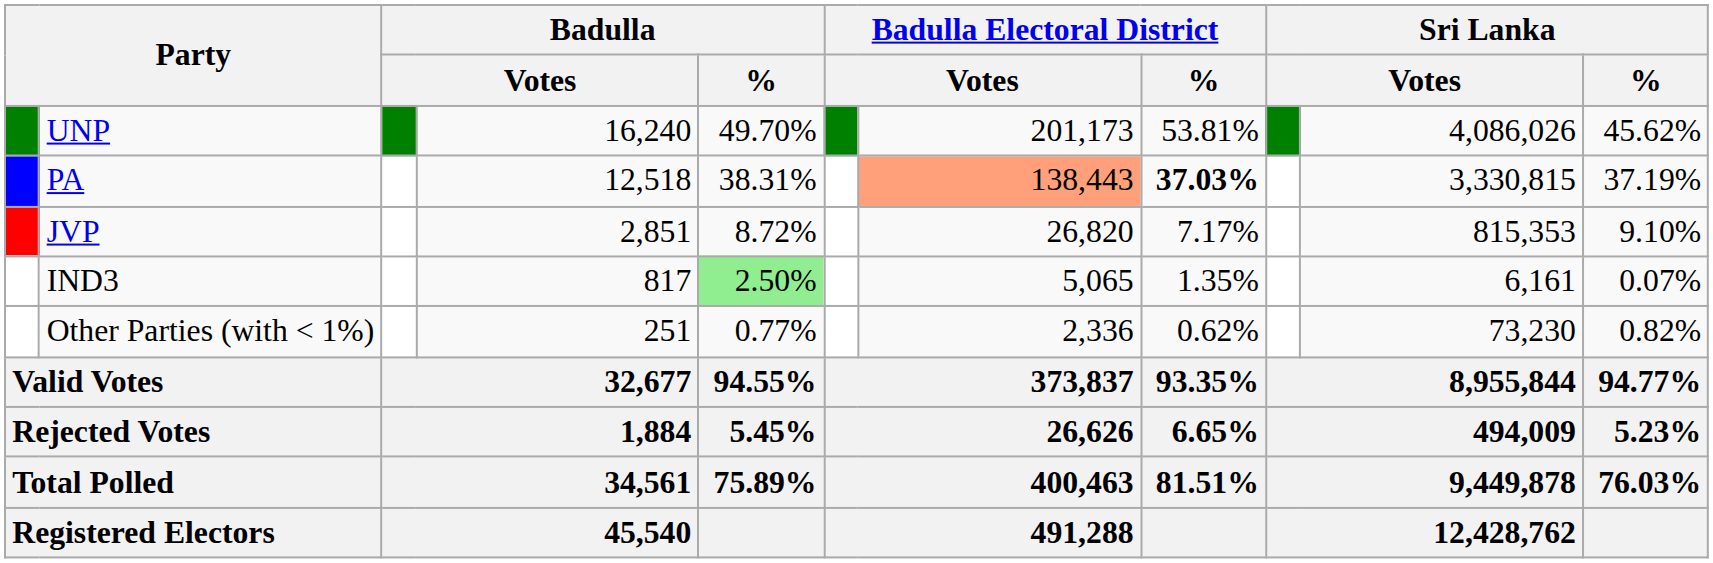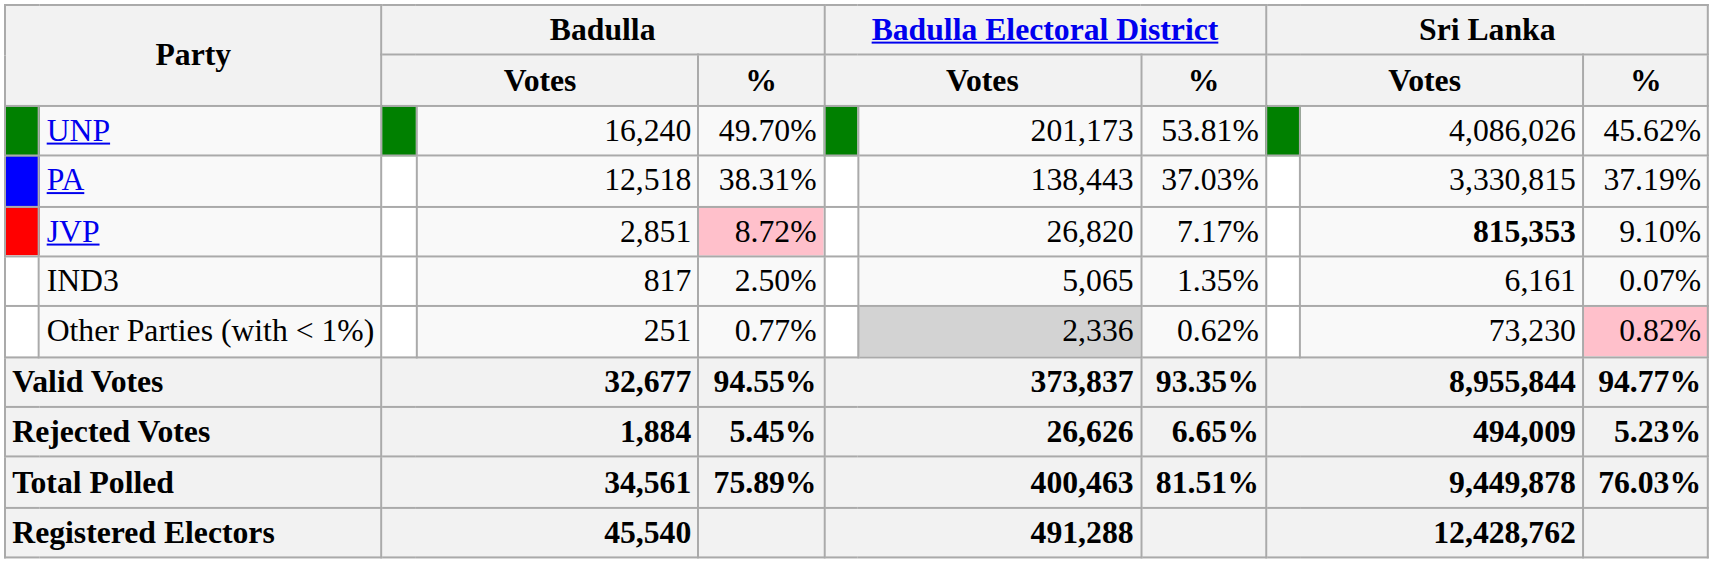 <table class="wikitable">
 <tr>
 <th colspan="2" width="144px"rowspan="2">Party</th>
 <th colspan="3" width="216px">Badulla</th>
 <th colspan="3" width="216px"><a href='#'>Badulla Electoral District</a></th>
 <th colspan="3" width="216px">Sri Lanka</th>
 </tr>
 <tr>
 <th colspan="2" width="144px">Votes</th>
 <th>%</th>
 <th colspan="2" width="144px">Votes</th>
 <th>%</th>
 <th colspan="2" width="144px">Votes</th>
 <th>%</th>
 </tr>
 <tr>
 <td style="background-color:green;" width="10px"></td>
 <td style="text-align:left;"><a href='#'>UNP</a></td>
 <td style="background-color:green;" width="10px"></td>
 <td style="text-align:right;">16,240</td>
 <td style="text-align:right;">49.70%</td>
 <td style="background-color:green;" width="10px"></td>
 <td style="text-align:right;">201,173</td>
 <td style="text-align:right;">53.81%</td>
 <td style="background-color:green;" width="10px"></td>
 <td style="text-align:right;">4,086,026</td>
 <td style="text-align:right;">45.62%</td>
 </tr>
 <tr>
 <td style="background-color:blue;" width="10px"></td>
 <td style="text-align:left;"><a href='#'>PA</a></td>
 <td style="background-color:white;" width="10px"></td>
 <td style="text-align:right;">12,518</td>
 <td style="text-align:right;">38.31%</td>
 <td style="background-color:white;" width="10px"></td>
-<td style="background: lightsalmon; text-align:right;">138,443</td>
-<td style="text-align:right;"><strong>37.03%</strong></td>
+<td style="text-align:right;">138,443</td>
+<td style="text-align:right;">37.03%</td>
 <td style="background-color:white;" width="10px"></td>
 <td style="text-align:right;">3,330,815</td>
 <td style="text-align:right;">37.19%</td>
 </tr>
 <tr>
 <td style="background-color:red;" width="10px"></td>
 <td style="text-align:left;"><a href='#'>JVP</a></td>
 <td style="background-color:white;" width="10px"></td>
 <td style="text-align:right;">2,851</td>
-<td style="text-align:right;">8.72%</td>
+<td style="background: pink; text-align:right;">8.72%</td>
 <td style="background-color:white;" width="10px"></td>
 <td style="text-align:right;">26,820</td>
 <td style="text-align:right;">7.17%</td>
 <td style="background-color:white;" width="10px"></td>
-<td style="text-align:right;">815,353</td>
+<td style="text-align:right;"><strong>815,353</strong></td>
 <td style="text-align:right;">9.10%</td>
 </tr>
 <tr>
 <td style="background-color:white;" width="10px"></td>
 <td style="text-align:left;">IND3</td>
 <td style="background-color:white;" width="10px"></td>
 <td style="text-align:right;">817</td>
-<td style="background: lightgreen; text-align:right;">2.50%</td>
+<td style="text-align:right;">2.50%</td>
 <td style="background-color:white;" width="10px"></td>
 <td style="text-align:right;">5,065</td>
 <td style="text-align:right;">1.35%</td>
 <td style="background-color:white;" width="10px"></td>
 <td style="text-align:right;">6,161</td>
 <td style="text-align:right;">0.07%</td>
 </tr>
 <tr>
 <td style="background-color:white;" width="10px"></td>
 <td style="text-align:left;">Other Parties (with < 1%)</td>
 <td style="background-color:white;" width="10px"></td>
 <td style="text-align:right;">251</td>
 <td style="text-align:right;">0.77%</td>
 <td style="background-color:white;" width="10px"></td>
-<td style="text-align:right;">2,336</td>
+<td style="background: lightgrey; text-align:right;">2,336</td>
 <td style="text-align:right;">0.62%</td>
 <td style="background-color:white;" width="10px"></td>
 <td style="text-align:right;">73,230</td>
-<td style="text-align:right;">0.82%</td>
+<td style="background: pink; text-align:right;">0.82%</td>
 </tr>
 <tr>
 <th colspan="2" width="144px"style="text-align:left;">Valid Votes</th>
 <th style="text-align:right;"colspan="2" width="144px">32,677</th>
 <th style="text-align:right;">94.55%</th>
 <th style="text-align:right;"colspan="2" width="144px">373,837</th>
 <th style="text-align:right;">93.35%</th>
 <th style="text-align:right;"colspan="2" width="144px">8,955,844</th>
 <th style="text-align:right;">94.77%</th>
 </tr>
 <tr>
 <th colspan="2" width="144px"style="text-align:left;">Rejected Votes</th>
 <th style="text-align:right;"colspan="2" width="144px">1,884</th>
 <th style="text-align:right;">5.45%</th>
 <th style="text-align:right;"colspan="2" width="144px">26,626</th>
 <th style="text-align:right;">6.65%</th>
 <th style="text-align:right;"colspan="2" width="144px">494,009</th>
 <th style="text-align:right;">5.23%</th>
 </tr>
 <tr>
 <th colspan="2" width="144px"style="text-align:left;">Total Polled</th>
 <th style="text-align:right;"colspan="2" width="144px">34,561</th>
 <th style="text-align:right;">75.89%</th>
 <th style="text-align:right;"colspan="2" width="144px">400,463</th>
 <th style="text-align:right;">81.51%</th>
 <th style="text-align:right;"colspan="2" width="144px">9,449,878</th>
 <th style="text-align:right;">76.03%</th>
 </tr>
 <tr>
 <th colspan="2" width="144px"style="text-align:left;">Registered Electors</th>
 <th style="text-align:right;"colspan="2" width="144px">45,540</th>
 <th></th>
 <th style="text-align:right;"colspan="2" width="144px">491,288</th>
 <th></th>
 <th style="text-align:right;"colspan="2" width="144px">12,428,762</th>
 <th></th>
 </tr>
 </table>
